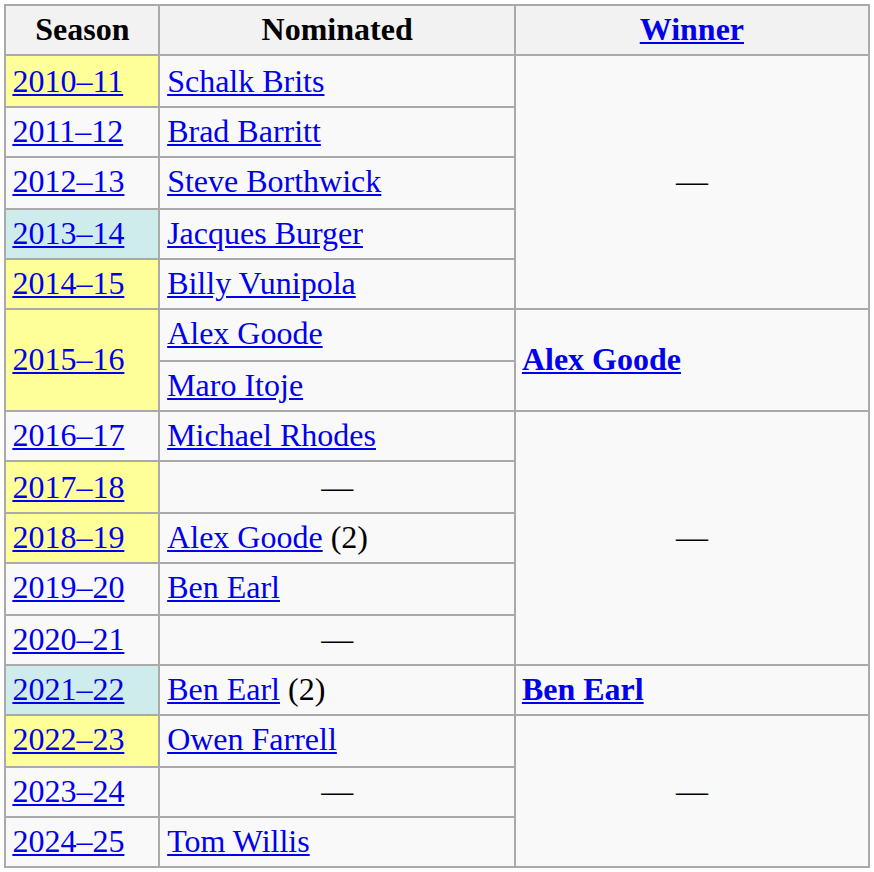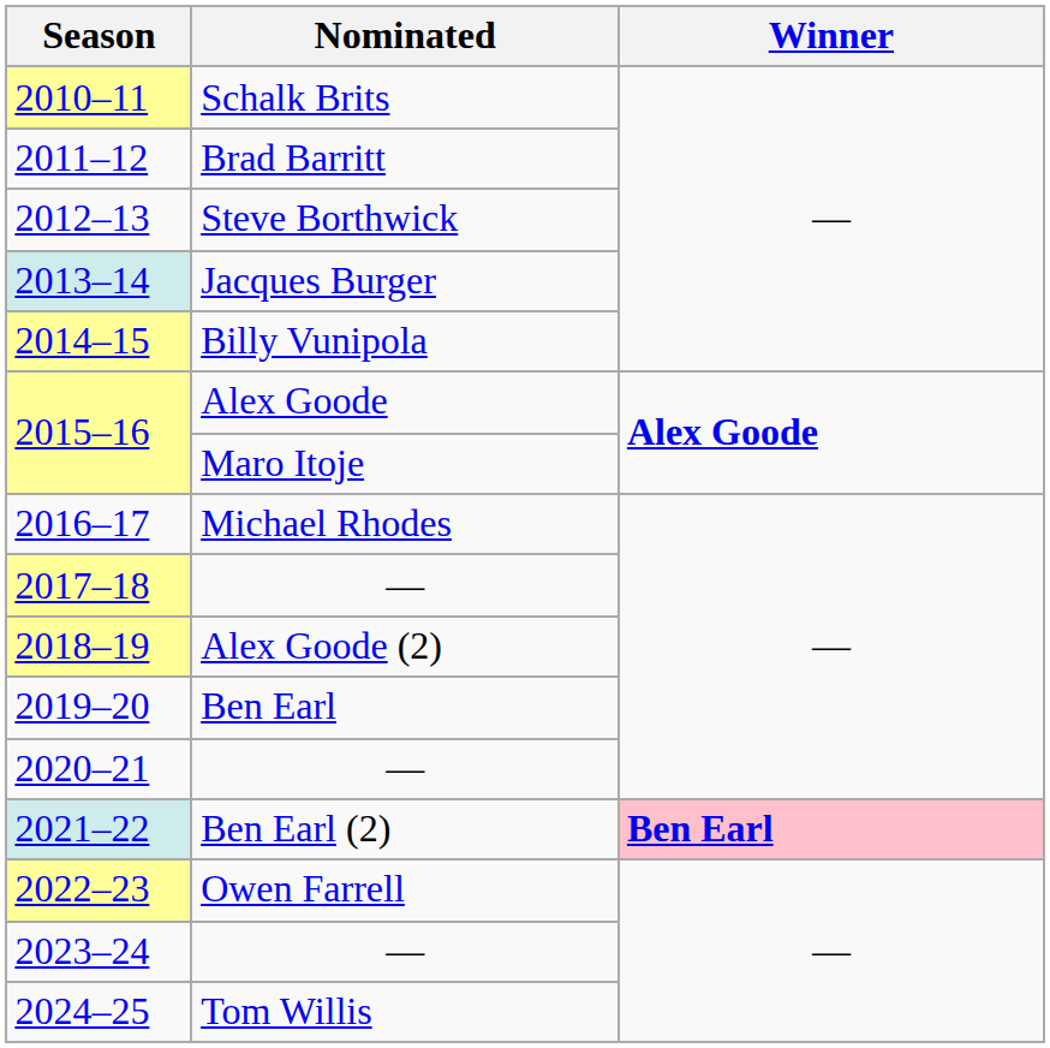 <table class="wikitable sticky-header">
 <tr>
 <th width=70>Season</th>
 <th width=170>Nominated</th>
 <th width=170><a href='#'>Winner</a></th>
 </tr>
 <tr>
 <td style="background:#FFFF99"><a href='#'>2010–11</a></td>
 <td> <a href='#'>Schalk Brits</a></td>
 <td align=center rowspan=5>—</td>
 </tr>
 <tr>
 <td><a href='#'>2011–12</a></td>
 <td> <a href='#'>Brad Barritt</a></td>
 </tr>
 <tr>
 <td><a href='#'>2012–13</a></td>
 <td> <a href='#'>Steve Borthwick</a></td>
 </tr>
 <tr>
 <td style="background:#CFECEC"><a href='#'>2013–14</a><small></small></td>
 <td> <a href='#'>Jacques Burger</a></td>
 </tr>
 <tr>
 <td style="background:#FFFF99"><a href='#'>2014–15</a></td>
 <td> <a href='#'>Billy Vunipola</a></td>
 </tr>
 <tr>
 <td style="background:#FFFF99" rowspan=2><a href='#'>2015–16</a></td>
 <td> <a href='#'>Alex Goode</a></td>
 <td rowspan=2><strong> <a href='#'>Alex Goode</a></strong></td>
 </tr>
 <tr>
 <td> <a href='#'>Maro Itoje</a></td>
 </tr>
 <tr>
 <td><a href='#'>2016–17</a></td>
 <td> <a href='#'>Michael Rhodes</a></td>
 <td align=center rowspan=5>—</td>
 </tr>
 <tr>
 <td style="background:#FFFF99"><a href='#'>2017–18</a></td>
 <td align=center>—</td>
 </tr>
 <tr>
 <td style="background:#FFFF99"><a href='#'>2018–19</a></td>
 <td> <a href='#'>Alex Goode</a> (2)</td>
 </tr>
 <tr>
 <td><a href='#'>2019–20</a></td>
 <td> <a href='#'>Ben Earl</a></td>
 </tr>
 <tr>
 <td><a href='#'>2020–21</a></td>
 <td align=center>—</td>
 </tr>
 <tr>
 <td style="background:#CFECEC"><a href='#'>2021–22</a><small></small></td>
 <td> <a href='#'>Ben Earl</a> (2)</td>
-<td><strong> <a href='#'>Ben Earl</a></strong></td>
+<td style="background: pink;"><strong> <a href='#'>Ben Earl</a></strong></td>
 </tr>
 <tr>
 <td style="background:#FFFF99"><a href='#'>2022–23</a></td>
 <td> <a href='#'>Owen Farrell</a></td>
 <td align=center rowspan=3>—</td>
 </tr>
 <tr>
 <td><a href='#'>2023–24</a></td>
 <td align=center>—</td>
 </tr>
 <tr>
 <td><a href='#'>2024–25</a></td>
 <td> <a href='#'>Tom Willis</a></td>
 </tr>
 <tr>
 </tr>
 </table>
